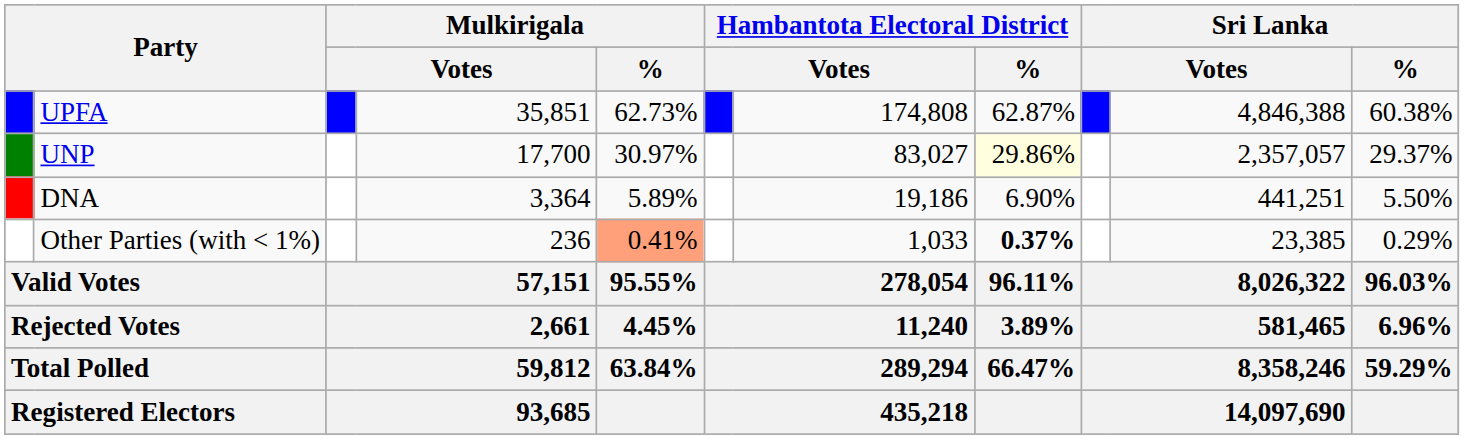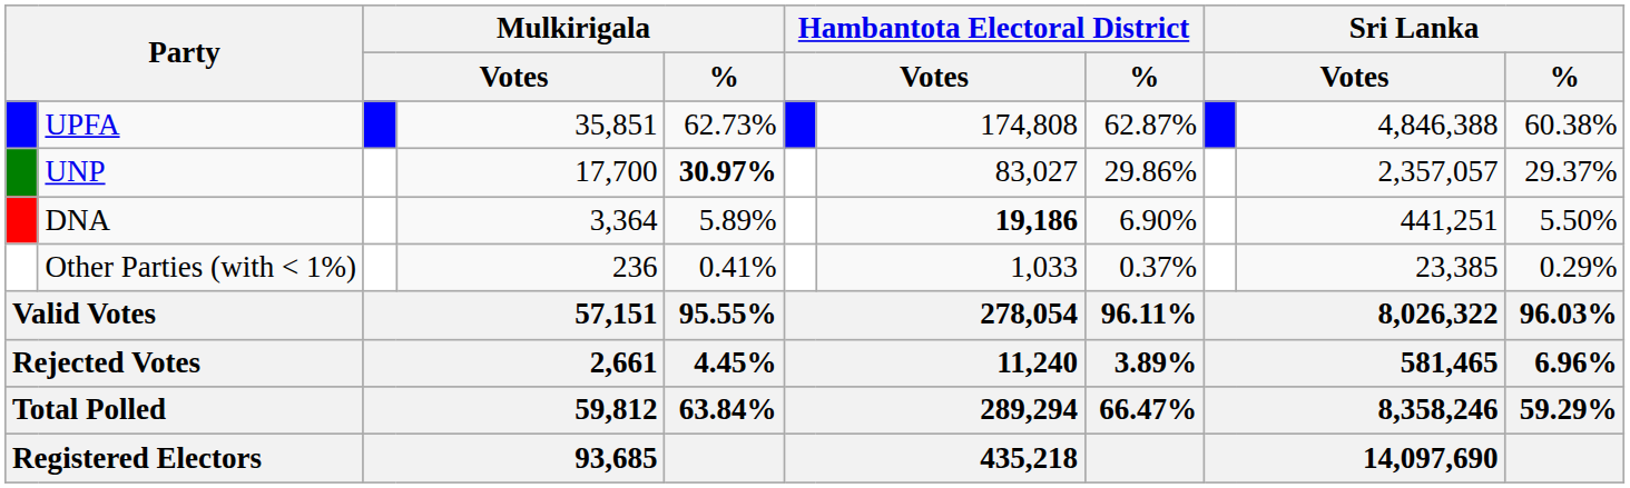 <table class="wikitable">
 <tr>
 <th colspan="2" width="144px"rowspan="2">Party</th>
 <th colspan="3" width="216px">Mulkirigala</th>
 <th colspan="3" width="216px"><a href='#'>Hambantota Electoral District</a></th>
 <th colspan="3" width="216px">Sri Lanka</th>
 </tr>
 <tr>
 <th colspan="2" width="144px">Votes</th>
 <th>%</th>
 <th colspan="2" width="144px">Votes</th>
 <th>%</th>
 <th colspan="2" width="144px">Votes</th>
 <th>%</th>
 </tr>
 <tr>
 <td style="background-color:blue;" width="10px"></td>
 <td style="text-align:left;"><a href='#'>UPFA</a></td>
 <td style="background-color:blue;" width="10px"></td>
 <td style="text-align:right;">35,851</td>
 <td style="text-align:right;">62.73%</td>
 <td style="background-color:blue;" width="10px"></td>
 <td style="text-align:right;">174,808</td>
 <td style="text-align:right;">62.87%</td>
 <td style="background-color:blue;" width="10px"></td>
 <td style="text-align:right;">4,846,388</td>
 <td style="text-align:right;">60.38%</td>
 </tr>
 <tr>
 <td style="background-color:green;" width="10px"></td>
 <td style="text-align:left;"><a href='#'>UNP</a></td>
 <td style="background-color:white;" width="10px"></td>
 <td style="text-align:right;">17,700</td>
-<td style="text-align:right;">30.97%</td>
+<td style="text-align:right;"><strong>30.97%</strong></td>
 <td style="background-color:white;" width="10px"></td>
 <td style="text-align:right;">83,027</td>
-<td style="background: lightyellow; text-align:right;">29.86%</td>
+<td style="text-align:right;">29.86%</td>
 <td style="background-color:white;" width="10px"></td>
 <td style="text-align:right;">2,357,057</td>
 <td style="text-align:right;">29.37%</td>
 </tr>
 <tr>
 <td style="background-color:red;" width="10px"></td>
 <td style="text-align:left;">DNA</td>
 <td style="background-color:white;" width="10px"></td>
 <td style="text-align:right;">3,364</td>
 <td style="text-align:right;">5.89%</td>
 <td style="background-color:white;" width="10px"></td>
-<td style="text-align:right;">19,186</td>
+<td style="text-align:right;"><strong>19,186</strong></td>
 <td style="text-align:right;">6.90%</td>
 <td style="background-color:white;" width="10px"></td>
 <td style="text-align:right;">441,251</td>
 <td style="text-align:right;">5.50%</td>
 </tr>
 <tr>
 <td style="background-color:white;" width="10px"></td>
 <td style="text-align:left;">Other Parties (with < 1%)</td>
 <td style="background-color:white;" width="10px"></td>
 <td style="text-align:right;">236</td>
-<td style="background: lightsalmon; text-align:right;">0.41%</td>
+<td style="text-align:right;">0.41%</td>
 <td style="background-color:white;" width="10px"></td>
 <td style="text-align:right;">1,033</td>
-<td style="text-align:right;"><strong>0.37%</strong></td>
+<td style="text-align:right;">0.37%</td>
 <td style="background-color:white;" width="10px"></td>
 <td style="text-align:right;">23,385</td>
 <td style="text-align:right;">0.29%</td>
 </tr>
 <tr>
 <th colspan="2" width="144px"style="text-align:left;">Valid Votes</th>
 <th style="text-align:right;"colspan="2" width="144px">57,151</th>
 <th style="text-align:right;">95.55%</th>
 <th style="text-align:right;"colspan="2" width="144px">278,054</th>
 <th style="text-align:right;">96.11%</th>
 <th style="text-align:right;"colspan="2" width="144px">8,026,322</th>
 <th style="text-align:right;">96.03%</th>
 </tr>
 <tr>
 <th colspan="2" width="144px"style="text-align:left;">Rejected Votes</th>
 <th style="text-align:right;"colspan="2" width="144px">2,661</th>
 <th style="text-align:right;">4.45%</th>
 <th style="text-align:right;"colspan="2" width="144px">11,240</th>
 <th style="text-align:right;">3.89%</th>
 <th style="text-align:right;"colspan="2" width="144px">581,465</th>
 <th style="text-align:right;">6.96%</th>
 </tr>
 <tr>
 <th colspan="2" width="144px"style="text-align:left;">Total Polled</th>
 <th style="text-align:right;"colspan="2" width="144px">59,812</th>
 <th style="text-align:right;">63.84%</th>
 <th style="text-align:right;"colspan="2" width="144px">289,294</th>
 <th style="text-align:right;">66.47%</th>
 <th style="text-align:right;"colspan="2" width="144px">8,358,246</th>
 <th style="text-align:right;">59.29%</th>
 </tr>
 <tr>
 <th colspan="2" width="144px"style="text-align:left;">Registered Electors</th>
 <th style="text-align:right;"colspan="2" width="144px">93,685</th>
 <th></th>
 <th style="text-align:right;"colspan="2" width="144px">435,218</th>
 <th></th>
 <th style="text-align:right;"colspan="2" width="144px">14,097,690</th>
 <th></th>
 </tr>
 </table>
